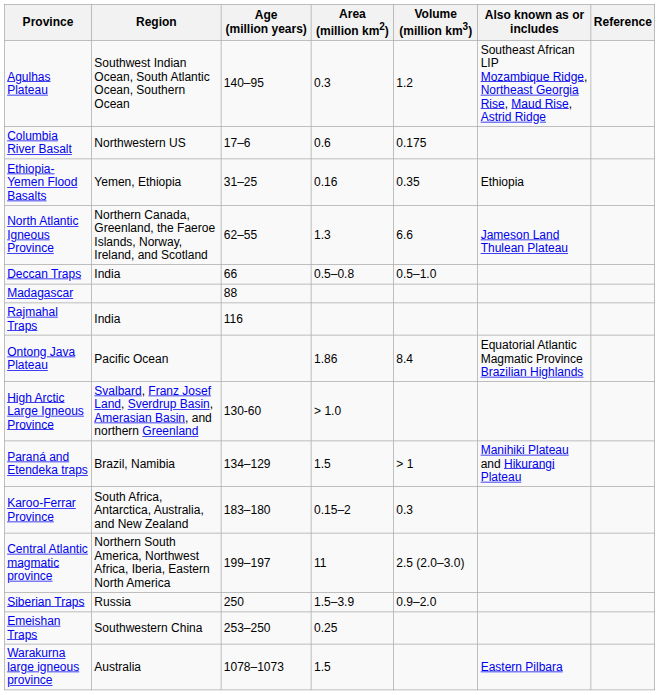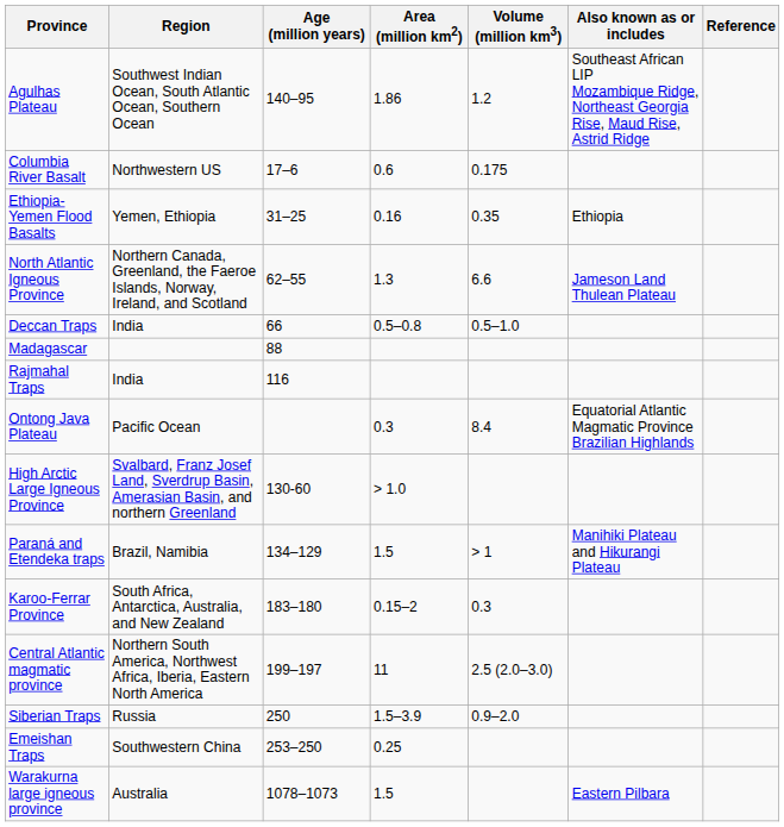 <table class="wikitable sortable" style="border-collapse: collapse">
 <tr>
 <th align="right"><strong>Province</strong></th>
 <th align="right"><strong>Region</strong></th>
 <th align="center"><strong>Age (million years)</strong></th>
 <th align="left"><strong>Area (million km<sup>2</sup>)</strong></th>
 <th align="left"><strong>Volume (million km<sup>3</sup>)</strong></th>
 <th align="left"><strong>Also known as or includes</strong></th>
 <th align="left"><strong>Reference</strong></th>
 </tr>
 <tr>
 <td><a href='#'>Agulhas Plateau</a></td>
 <td>Southwest Indian Ocean, South Atlantic Ocean, Southern Ocean</td>
 <td>140–95</td>
-<td>0.3</td>
+<td>1.86</td>
 <td>1.2</td>
 <td>Southeast African LIP<br><a href='#'>Mozambique Ridge</a>, <a href='#'>Northeast Georgia Rise</a>, <a href='#'>Maud Rise</a>, <a href='#'>Astrid Ridge</a></td>
 <td></td>
 </tr>
 <tr>
 <td><a href='#'>Columbia River Basalt</a></td>
 <td>Northwestern US</td>
 <td>17–6</td>
 <td>0.6</td>
 <td>0.175</td>
 <td></td>
 <td></td>
 </tr>
 <tr>
 <td><a href='#'>Ethiopia-Yemen Flood Basalts</a></td>
 <td>Yemen, Ethiopia</td>
 <td>31–25</td>
 <td>0.16</td>
 <td>0.35</td>
 <td>Ethiopia</td>
 <td></td>
 </tr>
 <tr>
 <td><a href='#'>North Atlantic Igneous Province</a></td>
 <td>Northern Canada, Greenland, the Faeroe Islands, Norway, Ireland, and Scotland</td>
 <td>62–55</td>
 <td>1.3</td>
 <td>6.6</td>
 <td><br><a href='#'>Jameson Land</a> <a href='#'>Thulean Plateau</a></td>
 <td></td>
 </tr>
 <tr>
 <td><a href='#'>Deccan Traps</a></td>
 <td>India</td>
 <td>66</td>
 <td>0.5–0.8</td>
 <td>0.5–1.0</td>
 <td></td>
 <td></td>
 </tr>
 <tr>
 <td><a href='#'>Madagascar</a></td>
 <td></td>
 <td>88</td>
 <td></td>
 <td></td>
 <td></td>
 <td></td>
 </tr>
 <tr>
 <td><a href='#'>Rajmahal Traps</a></td>
 <td>India</td>
 <td>116</td>
 <td></td>
 <td></td>
 <td></td>
 <td></td>
 </tr>
 <tr>
 <td><a href='#'>Ontong Java Plateau</a></td>
 <td>Pacific Ocean</td>
 <td></td>
-<td>1.86</td>
+<td>0.3</td>
 <td>8.4</td>
 <td>Equatorial Atlantic Magmatic Province<br><a href='#'>Brazilian Highlands</a></td>
 <td></td>
 </tr>
 <tr>
 <td><a href='#'>High Arctic Large Igneous Province</a></td>
 <td><a href='#'>Svalbard</a>, <a href='#'>Franz Josef Land</a>, <a href='#'>Sverdrup Basin</a>, <a href='#'>Amerasian Basin</a>, and northern <a href='#'>Greenland</a></td>
 <td>130-60</td>
 <td>> 1.0</td>
 <td></td>
 <td></td>
 <td></td>
 </tr>
 <tr>
 <td><a href='#'>Paraná and Etendeka traps</a></td>
 <td>Brazil, Namibia</td>
 <td>134–129</td>
 <td>1.5</td>
 <td>> 1</td>
 <td><a href='#'>Manihiki Plateau</a> and <a href='#'>Hikurangi Plateau</a></td>
 <td></td>
 </tr>
 <tr>
 <td><a href='#'>Karoo-Ferrar Province</a></td>
 <td>South Africa, Antarctica, Australia, and New Zealand</td>
 <td>183–180</td>
 <td>0.15–2</td>
 <td>0.3</td>
 <td></td>
 <td></td>
 </tr>
 <tr>
 <td><a href='#'>Central Atlantic magmatic province</a></td>
 <td>Northern South America, Northwest Africa, Iberia, Eastern North America</td>
 <td>199–197</td>
 <td>11</td>
 <td>2.5 (2.0–3.0)</td>
 <td></td>
 <td></td>
 </tr>
 <tr>
 <td><a href='#'>Siberian Traps</a></td>
 <td>Russia</td>
 <td>250</td>
 <td>1.5–3.9</td>
 <td>0.9–2.0</td>
 <td></td>
 <td></td>
 </tr>
 <tr>
 <td><a href='#'>Emeishan Traps</a></td>
 <td>Southwestern China</td>
 <td>253–250</td>
 <td>0.25</td>
 <td></td>
 <td></td>
 <td></td>
 </tr>
 <tr>
 <td><a href='#'>Warakurna large igneous province</a></td>
 <td>Australia</td>
 <td>1078–1073</td>
 <td>1.5</td>
 <td></td>
 <td><a href='#'>Eastern Pilbara</a></td>
 <td></td>
 </tr>
 </table>
